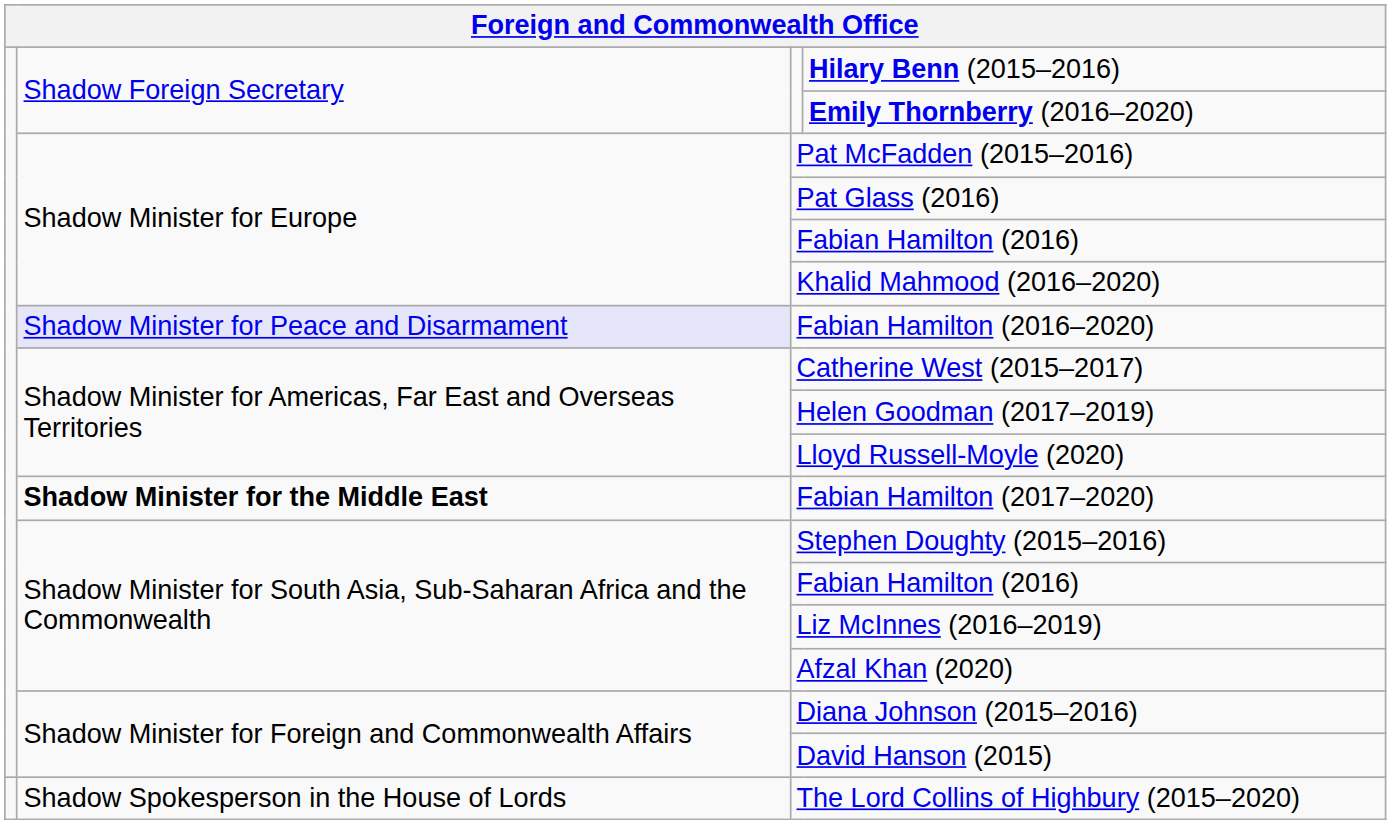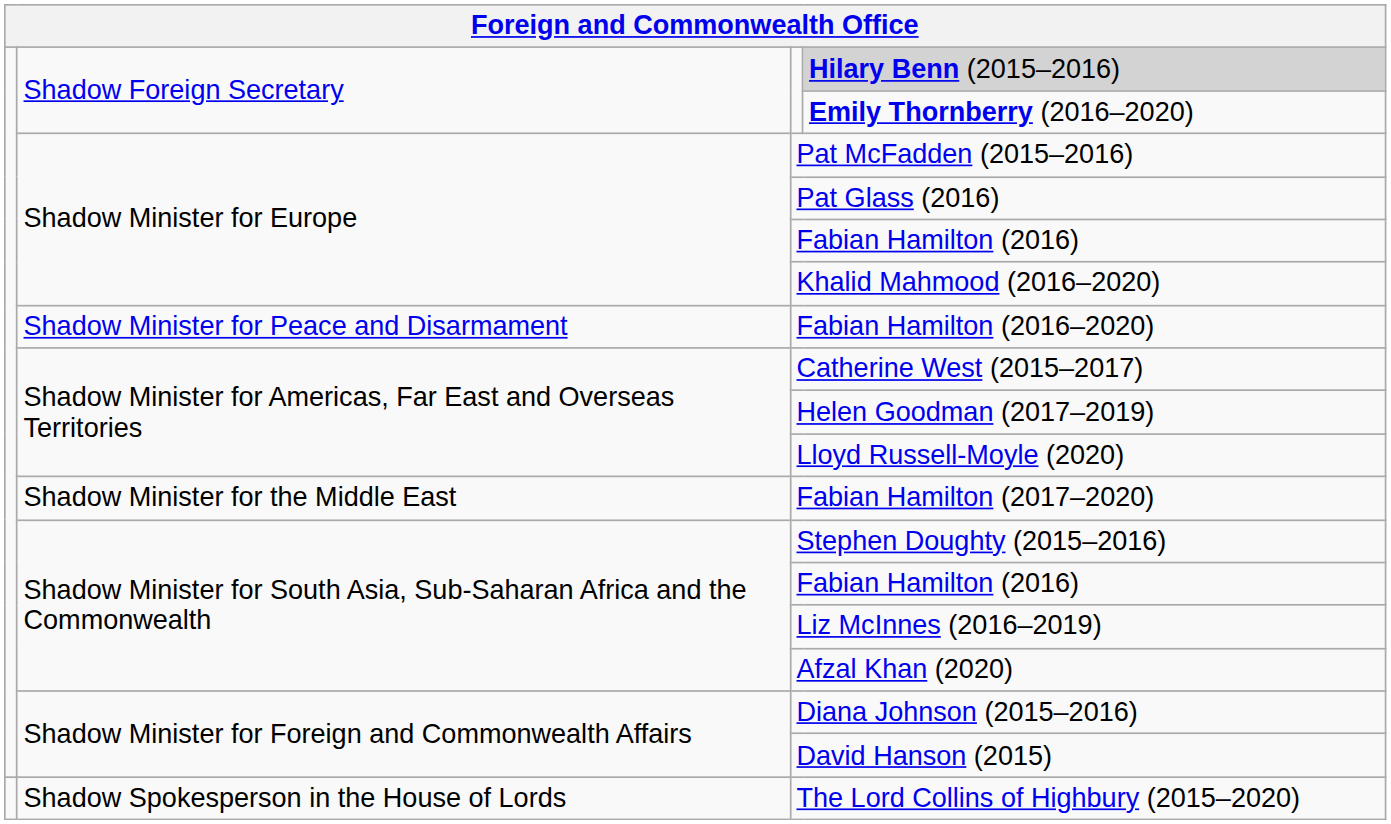 <table class="wikitable">
 <tr>
 <th colspan="4"><a href='#'>Foreign and Commonwealth Office</a></th>
 </tr>
 <tr>
 <td rowspan="17" style="background: "></td>
 <td rowspan="2" style="width: 450px;"><a href='#'>Shadow Foreign Secretary</a></td>
 <td rowspan="2" style="background: "></td>
-<td style="width: 337px;"><strong><a href='#'>Hilary Benn</a></strong> (2015–2016)</td>
+<td style="background: lightgrey; width: 337px;"><strong><a href='#'>Hilary Benn</a></strong> (2015–2016)</td>
 </tr>
 <tr>
 <td><strong><a href='#'>Emily Thornberry</a></strong> (2016–2020)</td>
 </tr>
 <tr>
 <td rowspan="4">Shadow Minister for Europe</td>
 <td colspan="2"><a href='#'>Pat McFadden</a> (2015–2016)</td>
 </tr>
 <tr>
 <td colspan="2"><a href='#'>Pat Glass</a> (2016)</td>
 </tr>
 <tr>
 <td colspan="2"><a href='#'>Fabian Hamilton</a> (2016)</td>
 </tr>
 <tr>
 <td colspan="2"><a href='#'>Khalid Mahmood</a> (2016–2020)</td>
 </tr>
 <tr>
-<td style="background: lavender;"><a href='#'>Shadow Minister for Peace and Disarmament</a></td>
+<td><a href='#'>Shadow Minister for Peace and Disarmament</a></td>
 <td colspan="2"><a href='#'>Fabian Hamilton</a> (2016–2020)</td>
 </tr>
 <tr>
 <td rowspan="3">Shadow Minister for Americas, Far East and Overseas Territories</td>
 <td colspan="2"><a href='#'>Catherine West</a> (2015–2017)</td>
 </tr>
 <tr>
 <td colspan="2"><a href='#'>Helen Goodman</a> (2017–2019)</td>
 </tr>
 <tr>
 <td colspan="2"><a href='#'>Lloyd Russell-Moyle</a> (2020)</td>
 </tr>
 <tr>
-<td><strong>Shadow Minister for the Middle East</strong></td>
+<td>Shadow Minister for the Middle East</td>
 <td colspan="2"><a href='#'>Fabian Hamilton</a> (2017–2020)</td>
 </tr>
 <tr>
 <td rowspan="4">Shadow Minister for South Asia, Sub-Saharan Africa and the Commonwealth</td>
 <td colspan="2"><a href='#'>Stephen Doughty</a> (2015–2016)</td>
 </tr>
 <tr>
 <td colspan="2"><a href='#'>Fabian Hamilton</a> (2016)</td>
 </tr>
 <tr>
 <td colspan="2"><a href='#'>Liz McInnes</a> (2016–2019)</td>
 </tr>
 <tr>
 <td colspan="2"><a href='#'>Afzal Khan</a> (2020)</td>
 </tr>
 <tr>
 <td rowspan="2">Shadow Minister for Foreign and Commonwealth Affairs</td>
 <td colspan="2"><a href='#'>Diana Johnson</a> (2015–2016)</td>
 </tr>
 <tr>
 <td colspan="2"><a href='#'>David Hanson</a> (2015)</td>
 </tr>
 <tr>
 <td style="background: "></td>
 <td>Shadow Spokesperson in the House of Lords</td>
 <td colspan="2"><a href='#'>The Lord Collins of Highbury</a> (2015–2020)</td>
 </tr>
 </table>
